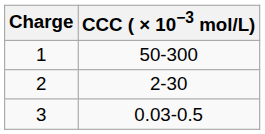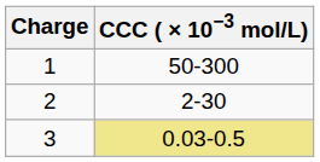 <table class="wikitable" style="text-align: center;float: left;">
 <tr>
 <th>Charge</th>
 <th>CCC ( × 10<sup>−3</sup> mol/L)</th>
 </tr>
 <tr>
 <td>1</td>
 <td>50-300</td>
 </tr>
 <tr>
 <td>2</td>
 <td>2-30</td>
 </tr>
 <tr>
 <td>3</td>
-<td>0.03-0.5</td>
+<td style="background: khaki;">0.03-0.5</td>
 </tr>
 </table>
